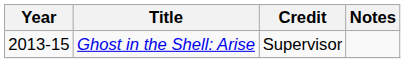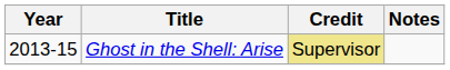 <table class="wikitable">
 <tr>
 <th>Year</th>
 <th>Title</th>
 <th>Credit</th>
 <th>Notes</th>
 </tr>
 <tr>
 <td>2013-15</td>
 <td><em><a href='#'>Ghost in the Shell: Arise</a></em></td>
-<td>Supervisor</td>
+<td style="background: khaki;">Supervisor</td>
 <td></td>
 </tr>
 <tr>
 </tr>
 </table>
